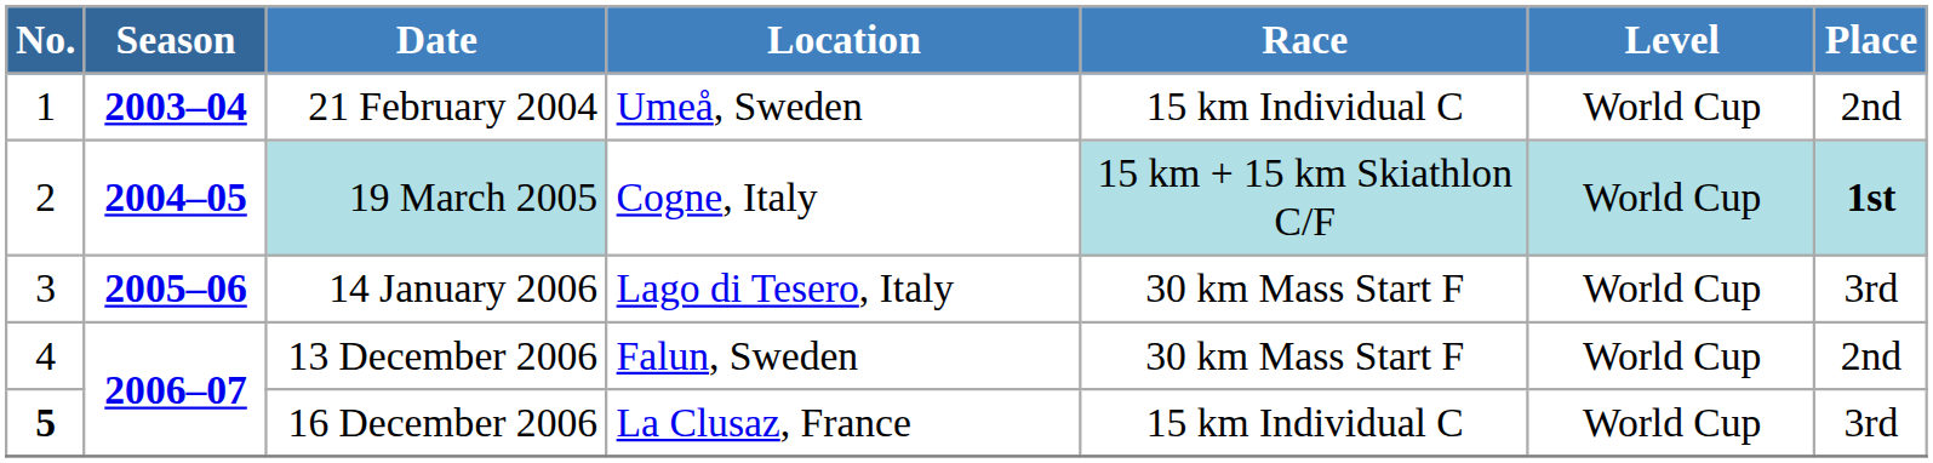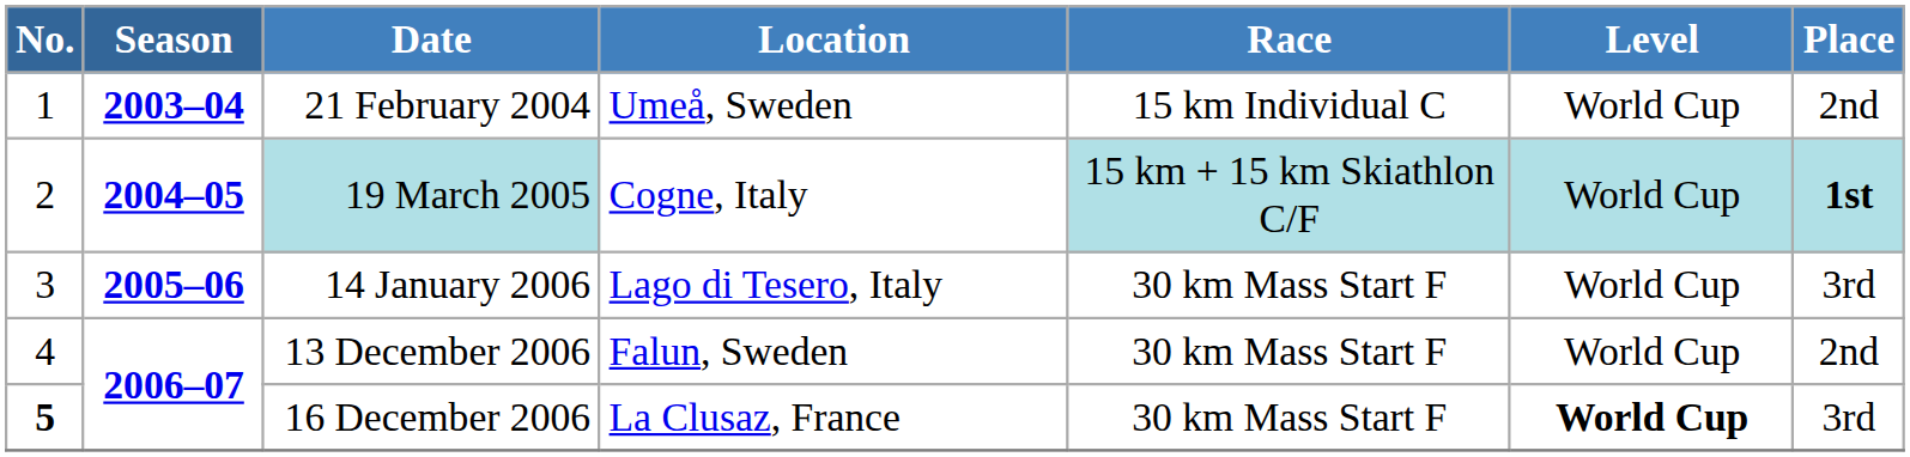 <table class="wikitable sortable" style="font-size:95%; text-align:center; border:grey solid 1px; border-collapse:collapse; background:#ffffff;">
 <tr style="background:#efefef;">
 <th style="background-color:#369; color:white;">No.</th>
 <th style="background-color:#369; color:white;">Season</th>
 <th style="background-color:#4180be; color:white; width:120px;">Date</th>
 <th style="background-color:#4180be; color:white; width:170px;">Location</th>
 <th style="background-color:#4180be; color:white; width:160px;">Race</th>
 <th style="background-color:#4180be; color:white; width:100px;">Level</th>
 <th style="background-color:#4180be; color:white;">Place</th>
 </tr>
 <tr>
 <td align=center>1</td>
 <td rowspan=1 align=center><strong> <a href='#'>2003–04</a> </strong></td>
 <td align=right>21 February 2004</td>
 <td align=left> <a href='#'>Umeå</a>, Sweden</td>
 <td>15 km Individual C</td>
 <td>World Cup</td>
 <td>2nd</td>
 </tr>
 <tr>
 <td align=center>2</td>
 <td rowspan=1 align=center><strong><a href='#'>2004–05</a></strong></td>
 <td bgcolor="#BOEOE6" align=right>19 March 2005</td>
 <td align=left> <a href='#'>Cogne</a>, Italy</td>
 <td bgcolor="#BOEOE6">15 km + 15 km Skiathlon C/F</td>
 <td bgcolor="#BOEOE6">World Cup</td>
 <td bgcolor="#BOEOE6"><strong>1st</strong></td>
 </tr>
 <tr>
 <td align=center>3</td>
 <td rowspan=1 align=center><strong> <a href='#'>2005–06</a> </strong></td>
 <td align=right>14 January 2006</td>
 <td align=left> <a href='#'>Lago di Tesero</a>, Italy</td>
 <td>30 km Mass Start F</td>
 <td>World Cup</td>
 <td>3rd</td>
 </tr>
 <tr>
 <td align=center>4</td>
 <td rowspan=2 align=center><strong> <a href='#'>2006–07</a> </strong></td>
 <td align=right>13 December 2006</td>
 <td align=left> <a href='#'>Falun</a>, Sweden</td>
 <td>30 km Mass Start F</td>
 <td>World Cup</td>
 <td>2nd</td>
 </tr>
 <tr>
 <td align=center><strong>5</strong></td>
 <td align=right>16 December 2006</td>
 <td align=left> <a href='#'>La Clusaz</a>, France</td>
-<td>15 km Individual C</td>
-<td>World Cup</td>
+<td>30 km Mass Start F</td>
+<td><strong>World Cup</strong></td>
 <td>3rd</td>
 </tr>
 <tr>
 </tr>
 </table>
